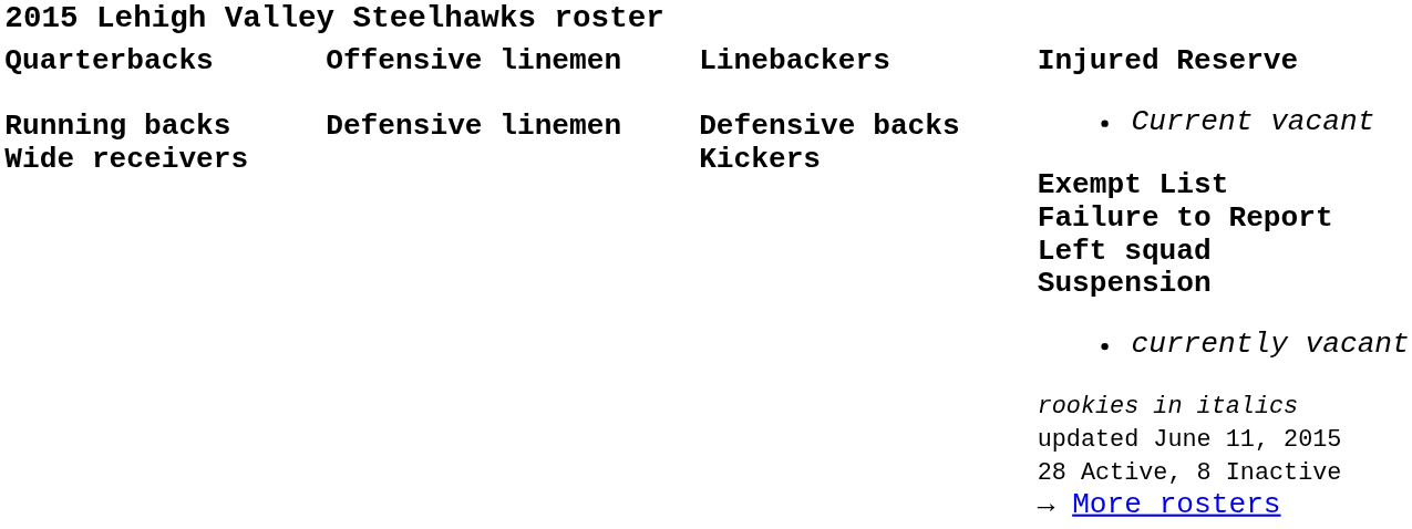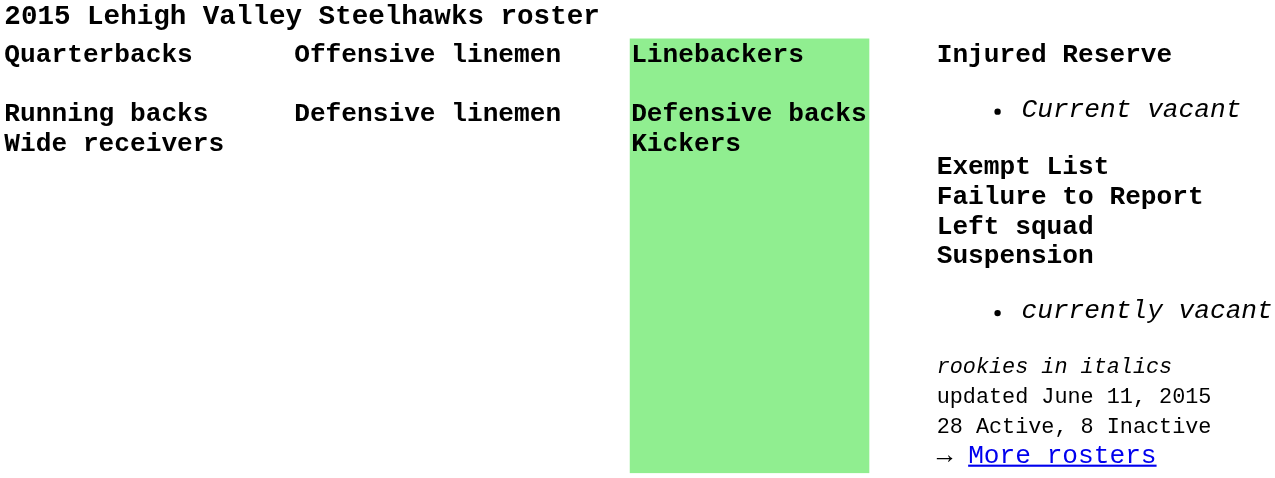 <table class="toccolours" style="text-align: left;">
 <tr>
 <th colspan="7"><strong>2015 Lehigh Valley Steelhawks roster</strong></th>
 </tr>
 <tr>
 <td style="font-size: 95%;vertical-align:top;"><strong>Quarterbacks</strong><br> <br><strong>Running backs</strong> <br><strong>Wide receivers</strong>     </td>
 <td style="width: 25px;"></td>
 <td style="font-size: 95%;vertical-align:top;"><strong>Offensive linemen</strong><br>    <br><strong>Defensive linemen</strong>     </td>
 <td style="width: 25px;"></td>
-<td style="font-size: 95%;vertical-align:top;"><strong>Linebackers</strong><br> <br><strong>Defensive backs</strong>      <br><strong>Kickers</strong> </td>
+<td style="background: lightgreen; font-size: 95%;vertical-align:top;"><strong>Linebackers</strong><br> <br><strong>Defensive backs</strong>      <br><strong>Kickers</strong> </td>
 <td style="width: 25px;"></td>
 <td style="font-size: 95%;vertical-align:top;"><strong>Injured Reserve</strong><br><ul><li><em>Current vacant</em></li></ul><strong>Exempt List</strong> <br><strong>Failure to Report</strong>   <br><strong>Left squad</strong>     <br><strong>Suspension</strong><ul><li><em>currently vacant</em></li></ul><small><em>rookies in italics</em><br> updated June 11, 2015</small><br> <small>28 Active, 8 Inactive</small><br>→ <a href='#'>More rosters</a></td>
 </tr>
 <tr>
 </tr>
 </table>
